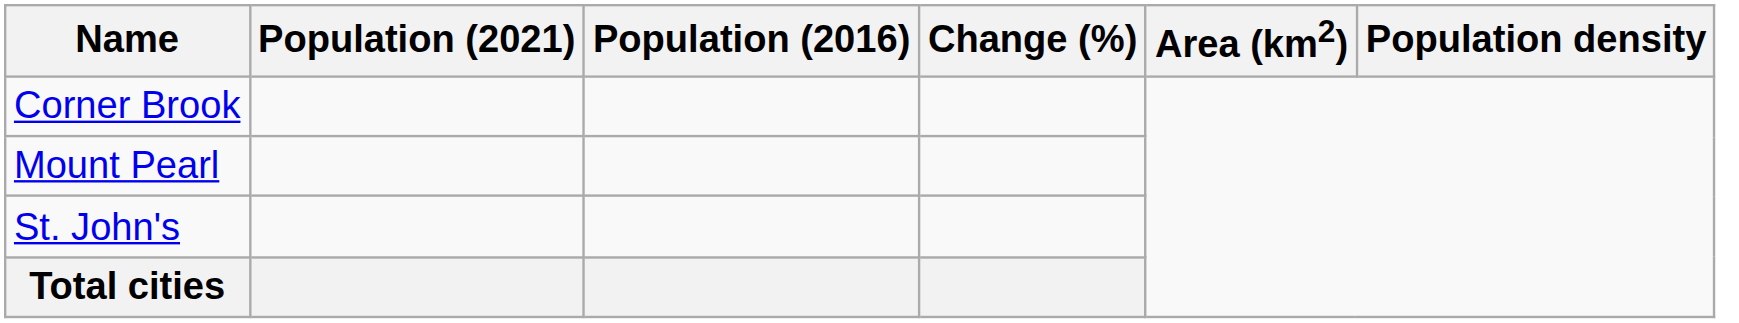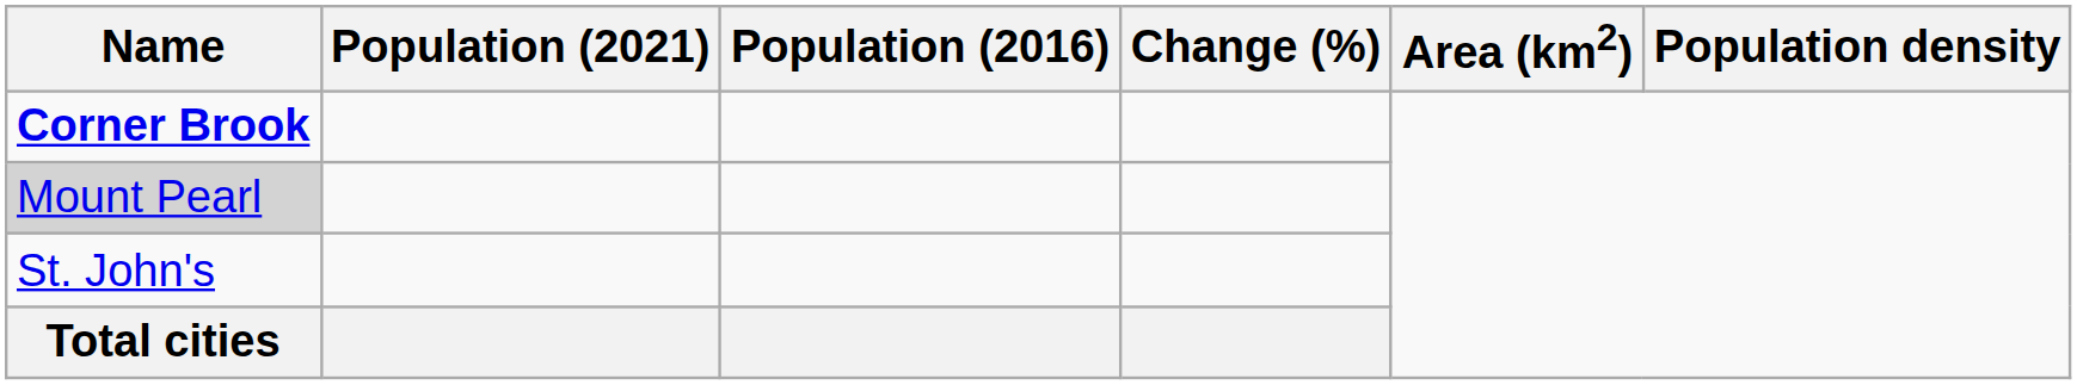 <table class="wikitable sortable">
 <tr>
 <th>Name</th>
 <th>Population (2021)</th>
 <th>Population (2016)</th>
 <th>Change (%)</th>
 <th>Area (km<sup>2</sup>)</th>
 <th>Population density</th>
 </tr>
 <tr>
-<td><a href='#'>Corner Brook</a></td>
+<td><strong><a href='#'>Corner Brook</a></strong></td>
 <td></td>
 <td align=right></td>
 <td align=right></td>
 </tr>
 <tr>
-<td><a href='#'>Mount Pearl</a></td>
+<td style="background: lightgrey;"><a href='#'>Mount Pearl</a></td>
 <td></td>
 <td align=right></td>
 <td align=right></td>
 </tr>
 <tr>
 <td><a href='#'>St. John's</a></td>
 <td></td>
 <td align=right></td>
 <td align=right></td>
 </tr>
 <tr class="sortbottom" align="center" style="background-color:#f2f2f2">
 <th scope="row" style="text-align:center"><strong>Total cities</strong></th>
 <td></td>
 <td align="right"><strong></strong></td>
 <td align="right"><strong></strong></td>
 </tr>
 </table>
